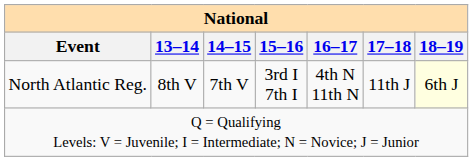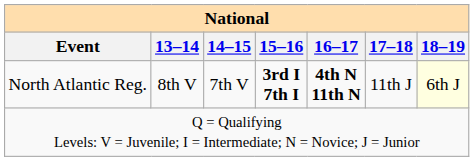 <table class="wikitable" style="text-align:center">
 <tr>
 <th style="background-color: #ffdead; " colspan=7 align=center>National</th>
 </tr>
 <tr>
 <th>Event</th>
 <th><a href='#'>13–14</a></th>
 <th><a href='#'>14–15</a></th>
 <th><a href='#'>15–16</a></th>
 <th><a href='#'>16–17</a></th>
 <th><a href='#'>17–18</a></th>
 <th><a href='#'>18–19</a></th>
 </tr>
 <tr>
 <td align=left>North Atlantic Reg.</td>
 <td>8th  V</td>
 <td>7th  V</td>
-<td>3rd  I<br>7th I</td>
-<td>4th  N<br>11th N</td>
+<td><strong>3rd  I<br>7th I</strong></td>
+<td><strong>4th  N<br>11th N</strong></td>
 <td>11th J</td>
 <td style="background: lightyellow;">6th J</td>
 </tr>
 <tr>
 <td align=center colspan=7><small>Q = Qualifying<br>Levels: V = Juvenile; I = Intermediate; N = Novice; J = Junior</small></td>
 </tr>
 </table>
